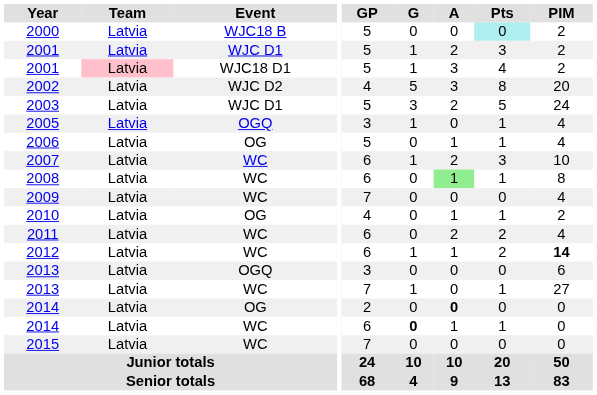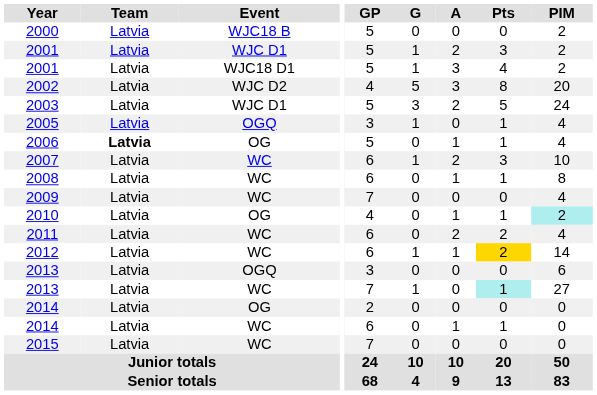 <table border="0" cellpadding="1" cellspacing="0" ID="Table3" style="text-align:center; width:40em">
 <tr ALIGN="center" bgcolor="#e0e0e0">
 <th>Year</th>
 <th>Team</th>
 <th>Event</th>
 <th rowspan="99" bgcolor="#ffffff"></th>
 <th>GP</th>
 <th>G</th>
 <th>A</th>
 <th>Pts</th>
 <th>PIM</th>
 </tr>
 <tr>
 <td><a href='#'>2000</a></td>
 <td><a href='#'>Latvia</a></td>
 <td><a href='#'>WJC18 B</a></td>
 <td>5</td>
 <td>0</td>
 <td>0</td>
-<td style="background: paleturquoise;">0</td>
+<td>0</td>
 <td>2</td>
 </tr>
 <tr bgcolor="#f0f0f0">
 <td><a href='#'>2001</a></td>
 <td><a href='#'>Latvia</a></td>
 <td><a href='#'>WJC D1</a></td>
 <td>5</td>
 <td>1</td>
 <td>2</td>
 <td>3</td>
 <td>2</td>
 </tr>
 <tr>
 <td><a href='#'>2001</a></td>
-<td style="background: pink;">Latvia</td>
+<td>Latvia</td>
 <td>WJC18 D1</td>
 <td>5</td>
 <td>1</td>
 <td>3</td>
 <td>4</td>
 <td>2</td>
 </tr>
 <tr bgcolor="#f0f0f0">
 <td><a href='#'>2002</a></td>
 <td>Latvia</td>
 <td>WJC D2</td>
 <td>4</td>
 <td>5</td>
 <td>3</td>
 <td>8</td>
 <td>20</td>
 </tr>
 <tr>
 <td><a href='#'>2003</a></td>
 <td>Latvia</td>
 <td>WJC D1</td>
 <td>5</td>
 <td>3</td>
 <td>2</td>
 <td>5</td>
 <td>24</td>
 </tr>
 <tr bgcolor="#f0f0f0">
 <td><a href='#'>2005</a></td>
 <td><a href='#'>Latvia</a></td>
 <td><a href='#'>OGQ</a></td>
 <td>3</td>
 <td>1</td>
 <td>0</td>
 <td>1</td>
 <td>4</td>
 </tr>
 <tr>
 <td><a href='#'>2006</a></td>
-<td>Latvia</td>
+<td><strong>Latvia</strong></td>
 <td>OG</td>
 <td>5</td>
 <td>0</td>
 <td>1</td>
 <td>1</td>
 <td>4</td>
 </tr>
 <tr bgcolor="#f0f0f0">
 <td><a href='#'>2007</a></td>
 <td>Latvia</td>
 <td><a href='#'>WC</a></td>
 <td>6</td>
 <td>1</td>
 <td>2</td>
 <td>3</td>
 <td>10</td>
 </tr>
 <tr>
 <td><a href='#'>2008</a></td>
 <td>Latvia</td>
 <td>WC</td>
 <td>6</td>
 <td>0</td>
-<td style="background: lightgreen;">1</td>
+<td>1</td>
 <td>1</td>
 <td>8</td>
 </tr>
 <tr bgcolor="#f0f0f0">
 <td><a href='#'>2009</a></td>
 <td>Latvia</td>
 <td>WC</td>
 <td>7</td>
 <td>0</td>
 <td>0</td>
 <td>0</td>
 <td>4</td>
 </tr>
 <tr>
 <td><a href='#'>2010</a></td>
 <td>Latvia</td>
 <td>OG</td>
 <td>4</td>
 <td>0</td>
 <td>1</td>
 <td>1</td>
-<td>2</td>
+<td style="background: paleturquoise;">2</td>
 </tr>
 <tr bgcolor="#f0f0f0">
 <td><a href='#'>2011</a></td>
 <td>Latvia</td>
 <td>WC</td>
 <td>6</td>
 <td>0</td>
 <td>2</td>
 <td>2</td>
 <td>4</td>
 </tr>
 <tr>
 <td><a href='#'>2012</a></td>
 <td>Latvia</td>
 <td>WC</td>
 <td>6</td>
 <td>1</td>
 <td>1</td>
-<td>2</td>
-<td><strong>14</strong></td>
+<td style="background: gold;">2</td>
+<td>14</td>
 </tr>
 <tr bgcolor="#f0f0f0">
 <td><a href='#'>2013</a></td>
 <td>Latvia</td>
 <td>OGQ</td>
 <td>3</td>
 <td>0</td>
 <td>0</td>
 <td>0</td>
 <td>6</td>
 </tr>
 <tr>
 <td><a href='#'>2013</a></td>
 <td>Latvia</td>
 <td>WC</td>
 <td>7</td>
 <td>1</td>
 <td>0</td>
-<td>1</td>
+<td style="background: paleturquoise;">1</td>
 <td>27</td>
 </tr>
 <tr bgcolor="#f0f0f0">
 <td><a href='#'>2014</a></td>
 <td>Latvia</td>
 <td>OG</td>
 <td>2</td>
 <td>0</td>
-<td><strong>0</strong></td>
+<td>0</td>
 <td>0</td>
 <td>0</td>
 </tr>
 <tr>
 <td><a href='#'>2014</a></td>
 <td>Latvia</td>
 <td>WC</td>
 <td>6</td>
-<td><strong>0</strong></td>
+<td>0</td>
 <td>1</td>
 <td>1</td>
 <td>0</td>
 </tr>
 <tr bgcolor="#f0f0f0">
 <td><a href='#'>2015</a></td>
 <td>Latvia</td>
 <td>WC</td>
 <td>7</td>
 <td>0</td>
 <td>0</td>
 <td>0</td>
 <td>0</td>
 </tr>
 <tr style="background: #e0e0e0;">
 <th colspan="3">Junior totals</th>
 <th>24</th>
 <th>10</th>
 <th>10</th>
 <th>20</th>
 <th>50</th>
 </tr>
 <tr style="background: #e0e0e0;">
 <th colspan="3">Senior totals</th>
 <th>68</th>
 <th>4</th>
 <th>9</th>
 <th>13</th>
 <th>83</th>
 </tr>
 </table>
